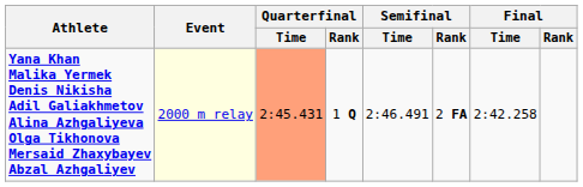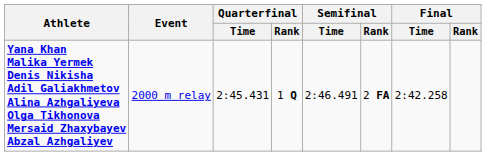 <table class="wikitable" style="font-size:90%">
 <tr>
 <th rowspan=2>Athlete</th>
 <th rowspan=2>Event</th>
 <th colspan=2>Quarterfinal</th>
 <th colspan=2>Semifinal</th>
 <th colspan=2>Final</th>
 </tr>
 <tr style="font-size:95%">
 <th>Time</th>
 <th>Rank</th>
 <th>Time</th>
 <th>Rank</th>
 <th>Time</th>
 <th>Rank</th>
 </tr>
 <tr align=center>
 <td align=left><strong><a href='#'>Yana Khan</a><br><a href='#'>Malika Yermek</a><br><a href='#'>Denis Nikisha</a><br><a href='#'>Adil Galiakhmetov</a><br><a href='#'>Alina Azhgaliyeva</a><br><a href='#'>Olga Tikhonova</a><br><a href='#'>Mersaid Zhaxybayev</a><br><a href='#'>Abzal Azhgaliyev</a></strong></td>
-<td align=left style="background: lightyellow;"><a href='#'>2000 m relay</a></td>
-<td style="background: lightsalmon;">2:45.431</td>
+<td align=left><a href='#'>2000 m relay</a></td>
+<td>2:45.431</td>
 <td>1 <strong>Q</strong></td>
 <td>2:46.491</td>
 <td>2 <strong>FA</strong></td>
 <td>2:42.258</td>
 <td></td>
 </tr>
 </table>
